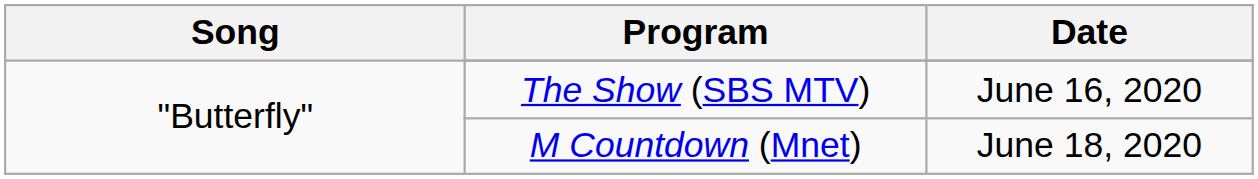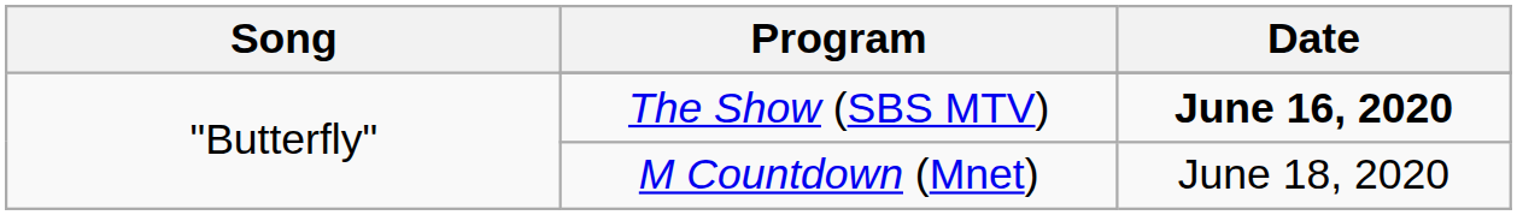 <table class="wikitable" style="text-align:center">
 <tr>
 <th width="200">Song</th>
 <th width="200">Program</th>
 <th width="140">Date</th>
 </tr>
 <tr>
 <td rowspan="3">"Butterfly"</td>
 </tr>
 <tr>
 <td><em><a href='#'>The Show</a></em> (<a href='#'>SBS MTV</a>)</td>
-<td>June 16, 2020</td>
+<td><strong>June 16, 2020</strong></td>
 </tr>
 <tr>
 <td><em><a href='#'>M Countdown</a></em> (<a href='#'>Mnet</a>)</td>
 <td>June 18, 2020</td>
 </tr>
 </table>
